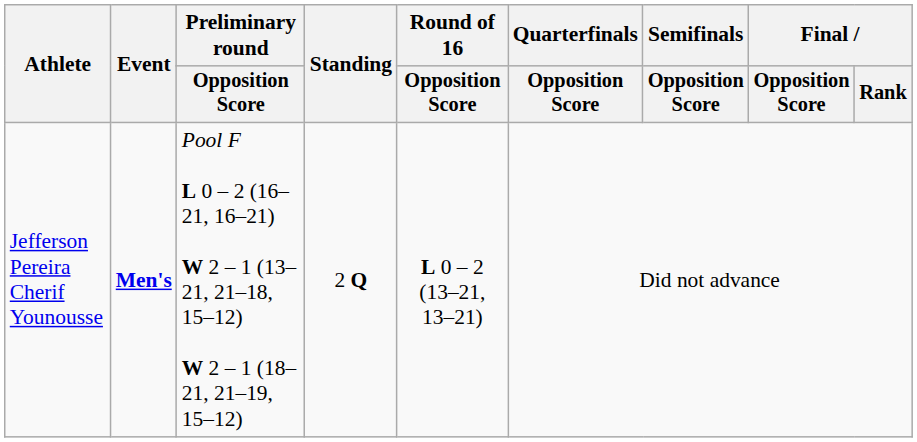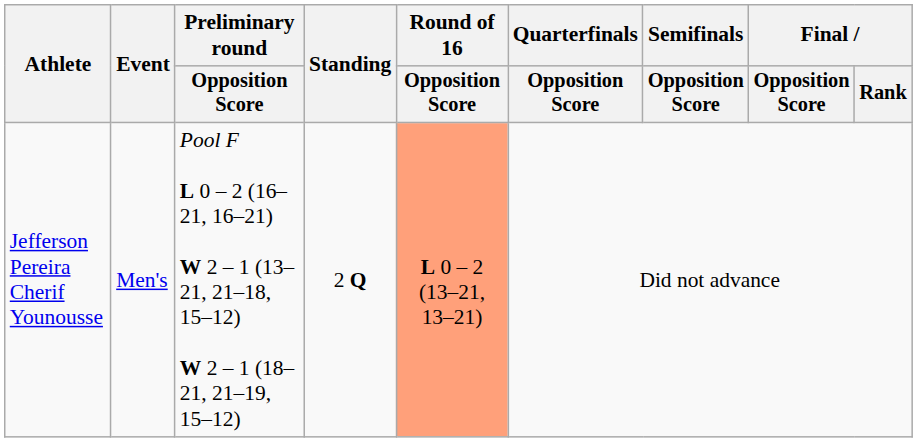 <table class=wikitable style="font-size:90%">
 <tr>
 <th rowspan="2">Athlete</th>
 <th rowspan="2">Event</th>
 <th>Preliminary round</th>
 <th rowspan="2">Standing</th>
 <th>Round of 16</th>
 <th>Quarterfinals</th>
 <th>Semifinals</th>
 <th colspan=2>Final / </th>
 </tr>
 <tr style="font-size:95%">
 <th>Opposition<br>Score</th>
 <th>Opposition<br>Score</th>
 <th>Opposition<br>Score</th>
 <th>Opposition<br>Score</th>
 <th>Opposition<br>Score</th>
 <th>Rank</th>
 </tr>
 <tr align=center>
 <td align=left><a href='#'>Jefferson Pereira</a><br><a href='#'>Cherif Younousse</a></td>
-<td align=left><strong><a href='#'>Men's</a></strong></td>
+<td align=left><a href='#'>Men's</a></td>
 <td align=left><em>Pool F</em><br><br><strong>L</strong> 0 – 2 (16–21, 16–21)<br><br><strong>W</strong> 2 – 1 (13–21, 21–18, 15–12)<br><br><strong>W</strong> 2 – 1  (18–21, 21–19, 15–12)</td>
 <td>2 <strong>Q</strong></td>
-<td><br><strong>L</strong> 0 – 2 (13–21, 13–21)</td>
+<td style="background: lightsalmon;"><br><strong>L</strong> 0 – 2 (13–21, 13–21)</td>
 <td colspan=4>Did not advance</td>
 </tr>
 </table>
